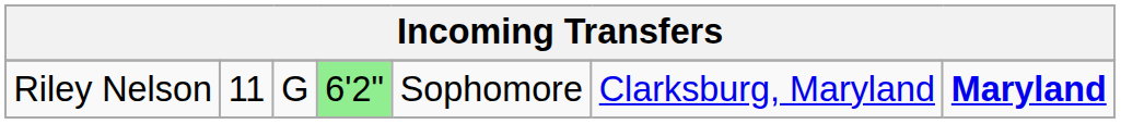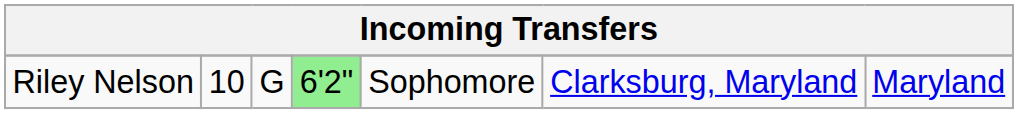 <table class="wikitable sortable" border="1" style="text-align: center;">
 <tr>
 <th colspan=7>Incoming Transfers</th>
 </tr>
 <tr align=center>
 </tr>
 <tr>
 <td>Riley Nelson</td>
-<td>11</td>
+<td>10</td>
 <td>G</td>
 <td style="background: lightgreen;">6'2"</td>
 <td>Sophomore</td>
 <td><a href='#'>Clarksburg, Maryland</a></td>
-<td><strong><a href='#'>Maryland</a></strong></td>
+<td><a href='#'>Maryland</a></td>
 </tr>
 </table>
